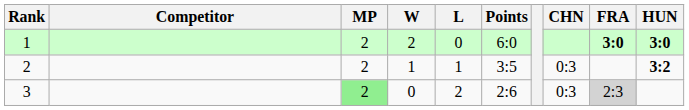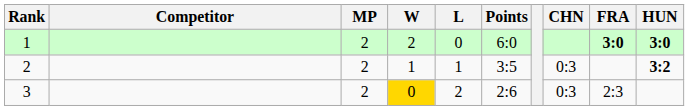 <table class="wikitable" style="text-align:center">
 <tr>
 <th>Rank</th>
 <th style="width:18em">Competitor</th>
 <th style="width:2.5em">MP</th>
 <th style="width:2.5em">W</th>
 <th style="width:2.5em">L</th>
 <th>Points</th>
 <th rowspan="4"> </th>
 <th style="width:2.5em">CHN</th>
 <th style="width:2.5em">FRA</th>
 <th style="width:2.5em">HUN</th>
 </tr>
 <tr style="background:#cfc;">
 <td>1</td>
 <td style="text-align:left"></td>
 <td>2</td>
 <td>2</td>
 <td>0</td>
 <td>6:0</td>
 <td></td>
 <td><strong>3:0</strong></td>
 <td><strong>3:0</strong></td>
 </tr>
 <tr>
 <td>2</td>
 <td style="text-align:left"></td>
 <td>2</td>
 <td>1</td>
 <td>1</td>
 <td>3:5</td>
 <td>0:3</td>
 <td></td>
 <td><strong>3:2</strong></td>
 </tr>
 <tr>
 <td>3</td>
 <td style="text-align:left"></td>
-<td style="background: lightgreen;">2</td>
-<td>0</td>
+<td>2</td>
+<td style="background: gold;">0</td>
 <td>2</td>
 <td>2:6</td>
 <td>0:3</td>
-<td style="background: lightgrey;">2:3</td>
+<td>2:3</td>
 <td></td>
 </tr>
 </table>
